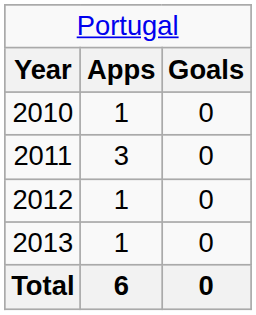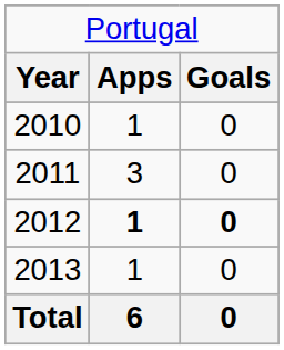 <table class="wikitable" style="text-align:center">
 <tr>
 <td colspan="3"><a href='#'>Portugal</a></td>
 </tr>
 <tr>
 <th>Year</th>
 <th>Apps</th>
 <th>Goals</th>
 </tr>
 <tr>
 <td>2010</td>
 <td>1</td>
 <td>0</td>
 </tr>
 <tr>
 <td>2011</td>
 <td>3</td>
 <td>0</td>
 </tr>
 <tr>
 <td>2012</td>
-<td>1</td>
-<td>0</td>
+<td><strong>1</strong></td>
+<td><strong>0</strong></td>
 </tr>
 <tr>
 <td>2013</td>
 <td>1</td>
 <td>0</td>
 </tr>
 <tr>
 <th>Total</th>
 <th>6</th>
 <th>0</th>
 </tr>
 </table>
